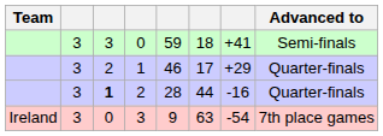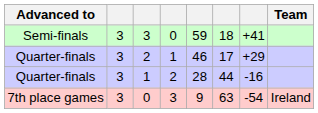 <table class="wikitable" style="text-align:center;">
 <tr>
-<th>Team</th>
+<th>Advanced to</th>
 <th width=25></th>
 <th width=25></th>
 <th width=25></th>
 <th width=25></th>
 <th width=25></th>
 <th width=25></th>
-<th>Advanced to</th>
+<th>Team</th>
 </tr>
 <tr style="background:#cfc">
-<td style="text-align:left;"></td>
+<td>Semi-finals</td>
 <td>3</td>
 <td>3</td>
 <td>0</td>
 <td>59</td>
 <td>18</td>
 <td>+41</td>
-<td>Semi-finals</td>
+<td style="text-align:left;"></td>
 </tr>
 <tr style="background:#ccf">
-<td style="text-align:left;"></td>
+<td>Quarter-finals</td>
 <td>3</td>
 <td>2</td>
 <td>1</td>
 <td>46</td>
 <td>17</td>
 <td>+29</td>
-<td>Quarter-finals</td>
+<td style="text-align:left;"></td>
 </tr>
 <tr style="background:#ccf">
-<td style="text-align:left;"></td>
+<td>Quarter-finals</td>
 <td>3</td>
-<td><strong>1</strong></td>
+<td>1</td>
 <td>2</td>
 <td>28</td>
 <td>44</td>
 <td>-16</td>
-<td>Quarter-finals</td>
+<td style="text-align:left;"></td>
 </tr>
 <tr style="background:#fcc">
-<td style="text-align:left;"> Ireland</td>
+<td>7th place games</td>
 <td>3</td>
 <td>0</td>
 <td>3</td>
 <td>9</td>
 <td>63</td>
 <td>-54</td>
-<td>7th place games</td>
+<td style="text-align:left;"> Ireland</td>
 </tr>
 </table>
